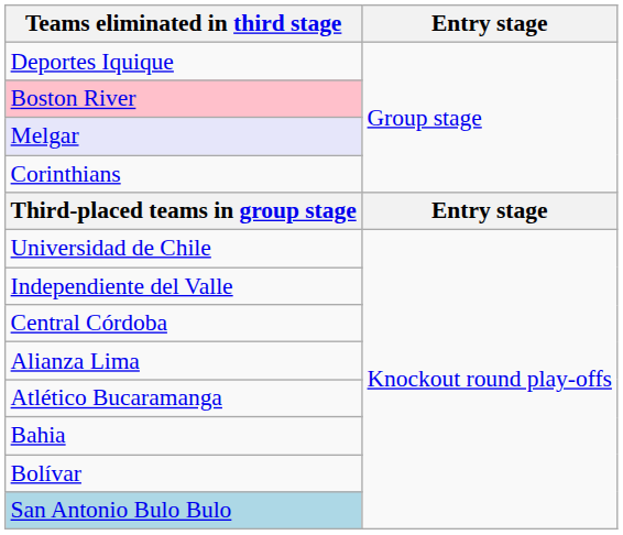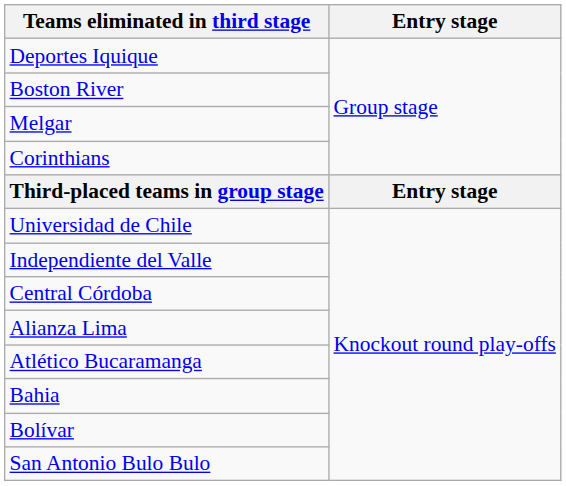 <table class="wikitable">
 <tr>
 <th>Teams eliminated in <a href='#'>third stage</a></th>
 <th>Entry stage</th>
 </tr>
 <tr>
 <td> <a href='#'>Deportes Iquique</a></td>
 <td rowspan=4><a href='#'>Group stage</a></td>
 </tr>
 <tr>
-<td style="background: pink;"> <a href='#'>Boston River</a></td>
+<td> <a href='#'>Boston River</a></td>
 </tr>
 <tr>
-<td style="background: lavender;"> <a href='#'>Melgar</a></td>
+<td> <a href='#'>Melgar</a></td>
 </tr>
 <tr>
 <td> <a href='#'>Corinthians</a></td>
 </tr>
 <tr>
 <th>Third-placed teams in <a href='#'>group stage</a></th>
 <th>Entry stage</th>
 </tr>
 <tr>
 <td> <a href='#'>Universidad de Chile</a></td>
 <td rowspan=8><a href='#'>Knockout round play-offs</a></td>
 </tr>
 <tr>
 <td> <a href='#'>Independiente del Valle</a></td>
 </tr>
 <tr>
 <td> <a href='#'>Central Córdoba</a></td>
 </tr>
 <tr>
 <td> <a href='#'>Alianza Lima</a></td>
 </tr>
 <tr>
 <td> <a href='#'>Atlético Bucaramanga</a></td>
 </tr>
 <tr>
 <td> <a href='#'>Bahia</a></td>
 </tr>
 <tr>
 <td> <a href='#'>Bolívar</a></td>
 </tr>
 <tr>
-<td style="background: lightblue;"> <a href='#'>San Antonio Bulo Bulo</a></td>
+<td> <a href='#'>San Antonio Bulo Bulo</a></td>
 </tr>
 </table>
